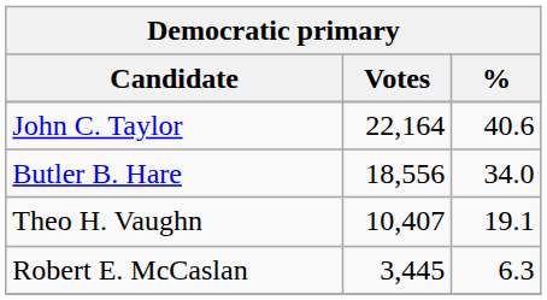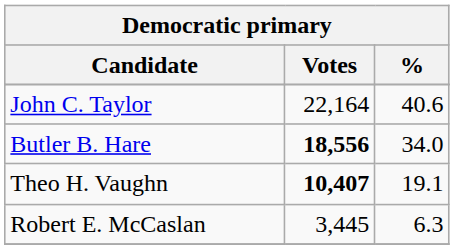 <table class="wikitable" align="left" style="margin: 1em 1em 1em 0; font-size: 95%;">
 <tr>
 <th colspan="3">Democratic primary</th>
 </tr>
 <tr>
 <th colspan="1" style="width: 170px">Candidate</th>
 <th style="width: 50px">Votes</th>
 <th style="width: 40px">%</th>
 </tr>
 <tr>
 </tr>
 <tr>
 <td><a href='#'>John C. Taylor</a></td>
 <td align="right">22,164</td>
 <td align="right">40.6</td>
 </tr>
 <tr>
 <td><a href='#'>Butler B. Hare</a></td>
-<td align="right">18,556</td>
+<td align="right"><strong>18,556</strong></td>
 <td align="right">34.0</td>
 </tr>
 <tr>
 <td>Theo H. Vaughn</td>
-<td align="right">10,407</td>
+<td align="right"><strong>10,407</strong></td>
 <td align="right">19.1</td>
 </tr>
 <tr>
 <td>Robert E. McCaslan</td>
 <td align="right">3,445</td>
 <td align="right">6.3</td>
 </tr>
 <tr>
 </tr>
 </table>
